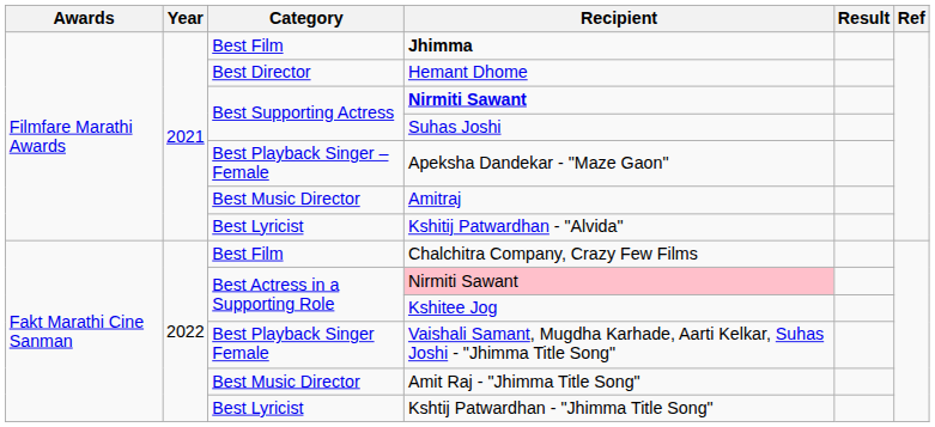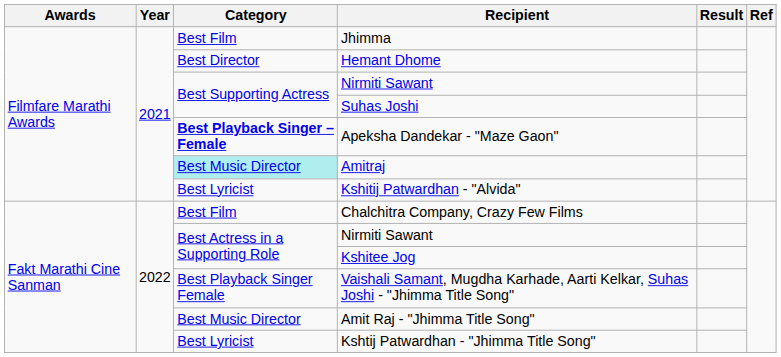 <table class="wikitable">
 <tr>
 <th>Awards</th>
 <th>Year</th>
 <th>Category</th>
 <th>Recipient</th>
 <th>Result</th>
 <th>Ref</th>
 </tr>
 <tr>
 <td rowspan="7"><a href='#'>Filmfare Marathi Awards</a></td>
 <td rowspan="7"><a href='#'>2021</a></td>
 <td><a href='#'>Best Film</a></td>
-<td><strong>Jhimma</strong></td>
+<td>Jhimma</td>
 <td></td>
 <td rowspan="7"></td>
 </tr>
 <tr>
 <td><a href='#'>Best Director</a></td>
 <td><a href='#'>Hemant Dhome</a></td>
 <td></td>
 </tr>
 <tr>
 <td rowspan="2"><a href='#'>Best Supporting Actress</a></td>
-<td><strong><a href='#'>Nirmiti Sawant</a></strong></td>
+<td><a href='#'>Nirmiti Sawant</a></td>
 <td></td>
 </tr>
 <tr>
 <td><a href='#'>Suhas Joshi</a></td>
 <td></td>
 </tr>
 <tr>
-<td><a href='#'>Best Playback Singer – Female</a></td>
+<td><strong><a href='#'>Best Playback Singer – Female</a></strong></td>
 <td>Apeksha Dandekar - "Maze Gaon"</td>
 <td></td>
 </tr>
 <tr>
-<td><a href='#'>Best Music Director</a></td>
+<td style="background: paleturquoise;"><a href='#'>Best Music Director</a></td>
 <td><a href='#'>Amitraj</a></td>
 <td></td>
 </tr>
 <tr>
 <td><a href='#'>Best Lyricist</a></td>
 <td><a href='#'>Kshitij Patwardhan</a> - "Alvida"</td>
 <td></td>
 </tr>
 <tr>
 <td rowspan="6"><a href='#'>Fakt Marathi Cine Sanman</a></td>
 <td rowspan="6">2022</td>
 <td><a href='#'>Best Film</a></td>
 <td>Chalchitra Company, Crazy Few Films</td>
 <td></td>
 <td rowspan="6"></td>
 </tr>
 <tr>
 <td rowspan="2"><a href='#'>Best Actress in a Supporting Role</a></td>
-<td style="background: pink;">Nirmiti Sawant</td>
+<td>Nirmiti Sawant</td>
 <td></td>
 </tr>
 <tr>
 <td><a href='#'>Kshitee Jog</a></td>
 <td></td>
 </tr>
 <tr>
 <td><a href='#'>Best Playback Singer Female</a></td>
 <td><a href='#'>Vaishali Samant</a>, Mugdha Karhade, Aarti Kelkar, <a href='#'>Suhas Joshi</a> - "Jhimma Title Song"</td>
 <td></td>
 </tr>
 <tr>
 <td><a href='#'>Best Music Director</a></td>
 <td>Amit Raj - "Jhimma Title Song"</td>
 <td></td>
 </tr>
 <tr>
 <td><a href='#'>Best Lyricist</a></td>
 <td>Kshtij Patwardhan - "Jhimma Title Song"</td>
 <td></td>
 </tr>
 </table>
